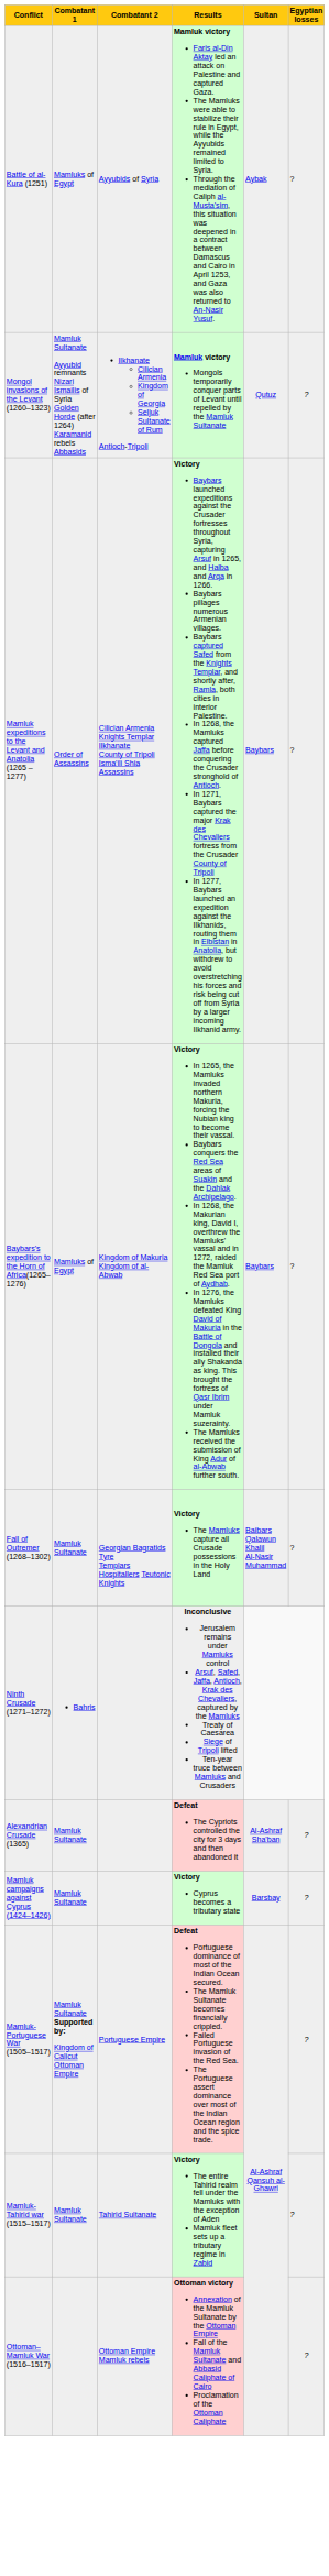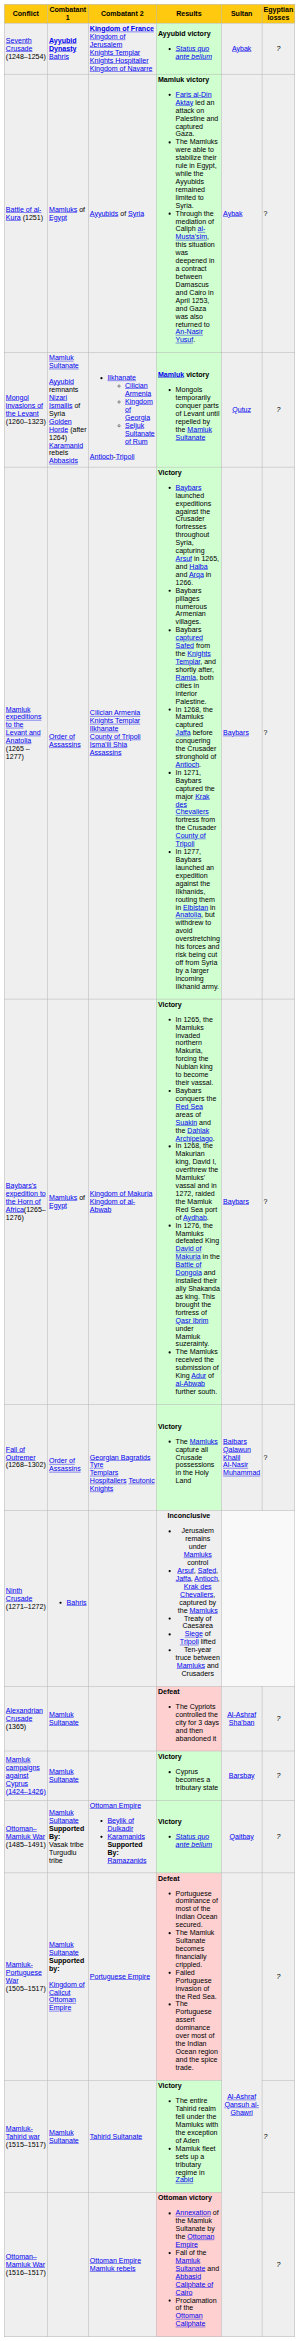 <table class="wikitable">
 <tr>
 <th style="background:#FFC90F" rowspan="1" width=190px><span>Conflict</span></th>
 <th style="background:#FFC90F" rowspan="1" width=160px><span>Combatant 1</span></th>
 <th style="background:#FFC90F" rowspan="1" width=160px><span>Combatant 2</span></th>
 <th style="background:#FFC90F" rowspan="1" width=280px><span>Results</span></th>
 <th style="background:#FFC90F" rowspan="1" width=110px><span>Sultan</span></th>
 <th style="background:#FFC90F" rowspan="1" width=80px><span>Egyptian<br>losses</span></th>
+</tr>
+<tr>
+<td style="background:#efefef"><a href='#'>Seventh Crusade</a><br>(1248–1254)</td>
+<td style="background:#efefef"><strong><a href='#'>Ayyubid Dynasty</a></strong><br><a href='#'>Bahris</a></td>
+<td style="background:#efefef"><strong><a href='#'>Kingdom of France</a></strong><br><a href='#'>Kingdom of Jerusalem</a><br><a href='#'>Knights Templar</a><br><a href='#'>Knights Hospitaller</a><br><a href='#'>Kingdom of Navarre</a></td>
+<td style="background:#D0FFD0"><strong>Ayyubid victory</strong><br><ul><li><em><a href='#'>Status quo ante bellum</a></em></li></ul></td>
+<td style="background:#efefef;text-align:center;" rowspan=1><a href='#'>Aybak</a></td>
+<td style="background:#efefef;text-align:center;"><em>?</em></td>
 </tr>
 <tr>
 <td style="background:#efefef"><a href='#'>Battle of al-Kura</a> (1251)</td>
 <td style="background:#efefef"><a href='#'>Mamluks</a> of <a href='#'>Egypt</a></td>
 <td style="background:#efefef"><a href='#'>Ayyubids</a> of <a href='#'>Syria</a></td>
 <td style="background:#D0FFD0"><strong>Mamluk victory</strong><br><ul><li><a href='#'>Faris al-Din Aktay</a> led an attack on Palestine and captured Gaza.</li><li>The Mamluks were able to stabilize their rule in Egypt, while the Ayyubids remained limited to Syria.</li><li>Through the mediation of Caliph <a href='#'>al-Musta'sim</a>, this situation was deepened in a contract between Damascus and Cairo in April 1253, and Gaza was also returned to <a href='#'>An-Nasir Yusuf</a>.</li></ul></td>
 <td style="background:#efefef"><a href='#'>Aybak</a></td>
 <td style="background:#efefef">?</td>
 </tr>
 <tr>
 <td style="background:#efefef"><a href='#'>Mongol invasions of the Levant</a><br>(1260–1323)</td>
 <td style="background:#efefef"><a href='#'>Mamluk Sultanate</a><br><br><a href='#'>Ayyubid</a> remnants<br> <a href='#'>Nizari Ismailis</a> of Syria<br> <a href='#'>Golden Horde</a> (after 1264)<br> <a href='#'>Karamanid</a> rebels<br> <a href='#'>Abbasids</a></td>
 <td style="background:#efefef"><br><ul><li><a href='#'>Ilkhanate</a><ul><li><a href='#'>Cilician Armenia</a></li><li><a href='#'>Kingdom of Georgia</a></li><li><a href='#'>Seljuk Sultanate of Rum</a></li></ul></li></ul><a href='#'>Antioch</a>-<a href='#'>Tripoli</a>  </td>
 <td style="background:#D0FFD0"><strong><a href='#'>Mamluk</a> victory</strong><br><ul><li>Mongols temporarily conquer parts of Levant until repelled by the <a href='#'>Mamluk Sultanate</a></li></ul></td>
 <td style="background:#efefef;text-align:center;" rowspan=1><a href='#'>Qutuz</a></td>
 <td style="background:#efefef;text-align:center;"><em>?</em></td>
 </tr>
 <tr>
 <td style="background:#efefef"><a href='#'>Mamluk expeditions to the Levant and Anatolia</a>  (1265 – 1277)</td>
 <td style="background:#efefef"><br><br> <a href='#'>Order of Assassins</a><br></td>
 <td style="background:#efefef"> <a href='#'>Cilician Armenia</a><br> <a href='#'>Knights Templar</a><br> <a href='#'>Ilkhanate</a><br> <a href='#'>County of Tripoli</a><br><a href='#'>Isma'ili Shia</a> <a href='#'>Assassins</a></td>
 <td style="background:#D0FFD0"><strong>Victory</strong><br><ul><li><a href='#'>Baybars</a> launched expeditions against the Crusader fortresses throughout Syria, capturing <a href='#'>Arsuf</a> in 1265, and <a href='#'>Halba</a> and <a href='#'>Arqa</a> in 1266.</li><li>Baybars pillages numerous Armenian villages.</li><li>Baybars <a href='#'>captured Safed</a> from the <a href='#'>Knights Templar</a>, and shortly after, <a href='#'>Ramla</a>, both cities in interior Palestine.</li><li>In 1268, the Mamluks captured <a href='#'>Jaffa</a> before conquering the Crusader stronghold of <a href='#'>Antioch</a>.</li><li>In 1271, Baybars captured the major <a href='#'>Krak des Chevaliers</a> fortress from the Crusader <a href='#'>County of Tripoli</a></li><li>In 1277, Baybars launched an expedition against the Ilkhanids, routing them in <a href='#'>Elbistan</a> in <a href='#'>Anatolia</a>, but withdrew to avoid overstretching his forces and risk being cut off from Syria by a larger incoming Ilkhanid army.</li></ul></td>
 <td style="background:#efefef"><a href='#'>Baybars</a></td>
 <td style="background:#efefef">?</td>
 </tr>
 <tr>
 <td style="background:#efefef"><a href='#'>Baybars's expedition to the Horn of Africa</a>(1265–1276)</td>
 <td style="background:#efefef"><a href='#'>Mamluks</a> of <a href='#'>Egypt</a></td>
 <td style="background:#efefef"><a href='#'>Kingdom of Makuria</a><br><a href='#'>Kingdom of al-Abwab</a></td>
 <td style="background:#D0FFD0"><strong>Victory</strong><br><ul><li>In 1265, the Mamluks invaded northern Makuria, forcing the Nubian king to become their vassal.</li><li>Baybars conquers the <a href='#'>Red Sea</a> areas of <a href='#'>Suakin</a> and the <a href='#'>Dahlak Archipelago</a>.</li><li>In 1268, the Makurian king, David I, overthrew the Mamluks' vassal and in 1272, raided the Mamluk Red Sea port of <a href='#'>Aydhab</a>.</li><li>In 1276, the Mamluks defeated King <a href='#'>David of Makuria</a> in the <a href='#'>Battle of Dongola</a> and installed their ally Shakanda as king. This brought the fortress of <a href='#'>Qasr Ibrim</a> under Mamluk suzerainty.</li><li>The Mamluks received the submission of King <a href='#'>Adur</a> of <a href='#'>al-Abwab</a> further south.</li></ul></td>
 <td style="background:#efefef"><a href='#'>Baybars</a></td>
 <td style="background:#efefef">?</td>
 </tr>
 <tr>
 <td style="background:#efefef"><a href='#'>Fall of Outremer</a> (1268–1302)</td>
-<td style="background:#efefef"><a href='#'>Mamluk Sultanate</a></td>
+<td style="background:#efefef"><br><br> <a href='#'>Order of Assassins</a><br></td>
 <td style="background:#efefef"><br><br><br><br><br><br> <a href='#'>Georgian Bagratids</a><br><a href='#'>Tyre</a><br> <a href='#'>Templars</a> <a href='#'>Hospitallers</a>  <a href='#'>Teutonic Knights</a><br> <br><br></td>
 <td style="background:#D0FFD0"><strong>Victory</strong><br><ul><li>The <a href='#'>Mamluks</a> capture all Crusade possessions in the Holy Land</li></ul></td>
 <td style="background:#efefef"><a href='#'>Baibars</a><br><a href='#'>Qalawun</a><br><a href='#'>Khalil</a><br><a href='#'>Al-Nasir Muhammad</a></td>
 <td style="background:#efefef">?</td>
 </tr>
 <tr>
 <td style="background:#efefef"><a href='#'>Ninth Crusade</a><br>(1271–1272)</td>
 <td style="background:#efefef"><br><ul><li> <a href='#'>Bahris</a></li></ul></td>
 <td style="background:#efefef"><br> </td>
 <td style="background:#efefef;text-align:center;"><strong>Inconclusive</strong><br><ul><li>Jerusalem remains under <a href='#'>Mamluks</a> control</li><li><a href='#'>Arsuf</a>, <a href='#'>Safed</a>, <a href='#'>Jaffa</a>, <a href='#'>Antioch</a>, <a href='#'>Krak des Chevaliers</a>, captured by the <a href='#'>Mamluks</a></li><li>Treaty of Caesarea</li><li><a href='#'>Siege</a> of <a href='#'>Tripoli</a> lifted</li><li>Ten-year truce between <a href='#'>Mamluks</a> and Crusaders</li></ul></td>
 </tr>
 <tr>
 <td style="background:#efefef"><a href='#'>Alexandrian Crusade</a><br>(1365)</td>
 <td style="background:#efefef"><a href='#'>Mamluk Sultanate</a></td>
 <td style="background:#efefef"></td>
 <td style="background:#FFD0D0"><strong>Defeat</strong><br><ul><li>The Cypriots controlled the city for 3 days and then abandoned it</li></ul></td>
 <td style="background:#efefef;text-align:center;" rowspan=1><a href='#'>Al-Ashraf Sha'ban</a></td>
 <td style="background:#efefef;text-align:center;"><em>?</em></td>
 </tr>
 <tr>
 <td style="background:#efefef"><a href='#'>Mamluk campaigns against Cyprus<br>(1424–1426)</a></td>
 <td style="background:#efefef"> <a href='#'>Mamluk Sultanate</a></td>
 <td style="background:#efefef"></td>
 <td style="background:#D0FFD0"><strong>Victory</strong><br><ul><li>Cyprus becomes a tributary state</li></ul></td>
 <td style="background:#efefef;text-align:center;" rowspan=1><a href='#'>Barsbay</a></td>
 <td style="background:#efefef;text-align:center;"><em>?</em></td>
 </tr>
 <tr>
+<td style="background:#efefef"><a href='#'>Ottoman–Mamluk War</a><br>(1485–1491)</td>
+<td style="background:#efefef"> <a href='#'>Mamluk Sultanate</a><br><strong>Supported By:</strong><br>Vasak tribe<br>Turgudlu tribe</td>
+<td style="background:#efefef"> <a href='#'>Ottoman Empire</a><br><ul><li><a href='#'>Beylik of Dulkadir</a></li><li><a href='#'>Karamanids</a><br><strong>Supported By:</strong><br> <a href='#'>Ramazanids</a></li></ul></td>
+<td style="background:#D0FFD0"><strong>Victory</strong><br><ul><li><em><a href='#'>Status quo ante bellum</a></em></li></ul></td>
+<td style="background:#efefef;text-align:center;" rowspan=1><a href='#'>Qaitbay</a></td>
+<td style="background:#efefef;text-align:center;"><em>?</em></td>
+</tr>
+<tr>
 <td style="background:#efefef"><a href='#'>Mamluk-Portuguese War</a><br>(1505–1517)</td>
 <td style="background:#efefef"> <a href='#'>Mamluk Sultanate</a> <br> <strong>Supported by:</strong> <br> <br><a href='#'>Kingdom of Calicut</a><br> <a href='#'>Ottoman Empire</a></td>
 <td style="background:#efefef"> <a href='#'>Portuguese Empire</a></td>
 <td style="background:#FFD0D0"><strong>Defeat</strong><br><ul><li>Portuguese dominance of most of the Indian Ocean secured.</li><li>The Mamluk Sultanate becomes financially crippled.</li><li>Failed Portuguese invasion of the Red Sea.</li><li>The Portuguese assert dominance over most of the Indian Ocean region and the spice trade.</li></ul></td>
 <td rowspan="3" style="background:#efefef;text-align:center;"><a href='#'>Al-Ashraf Qansuh al-Ghawri</a></td>
 <td style="background:#efefef;text-align:center;"><em>?</em></td>
 </tr>
 <tr>
 <td style="background:#efefef"><a href='#'>Mamluk-Tahirid war</a><br>(1515–1517)</td>
 <td style="background:#efefef"><a href='#'>Mamluk Sultanate</a></td>
 <td style="background:#efefef"><a href='#'>Tahirid Sultanate</a></td>
 <td style="background:#D0FFD0"><strong>Victory</strong><br><ul><li>The entire Tahirid realm fell under the Mamluks with the exception of Aden</li><li>Mamluk fleet sets up a tributary regime in <a href='#'>Zabid</a></li></ul></td>
 <td style="background:#efefef"><em>?</em></td>
 </tr>
 <tr>
 <td style="background:#efefef"><a href='#'>Ottoman–Mamluk War</a><br>(1516–1517)</td>
 <td style="background:#efefef"></td>
 <td style="background:#efefef"> <a href='#'>Ottoman Empire</a><br> <a href='#'>Mamluk rebels</a></td>
 <td style="background:#FFD0D0"><strong>Ottoman victory</strong><br><ul><li><a href='#'>Annexation</a> of the Mamluk Sultanate by the <a href='#'>Ottoman Empire</a></li><li>Fall of the <a href='#'>Mamluk Sultanate</a> and <a href='#'>Abbasid Caliphate of Cairo</a></li><li>Proclamation of the <a href='#'>Ottoman Caliphate</a></li></ul></td>
 <td style="background:#efefef;text-align:center;"><em>?</em></td>
 </tr>
 </table>
